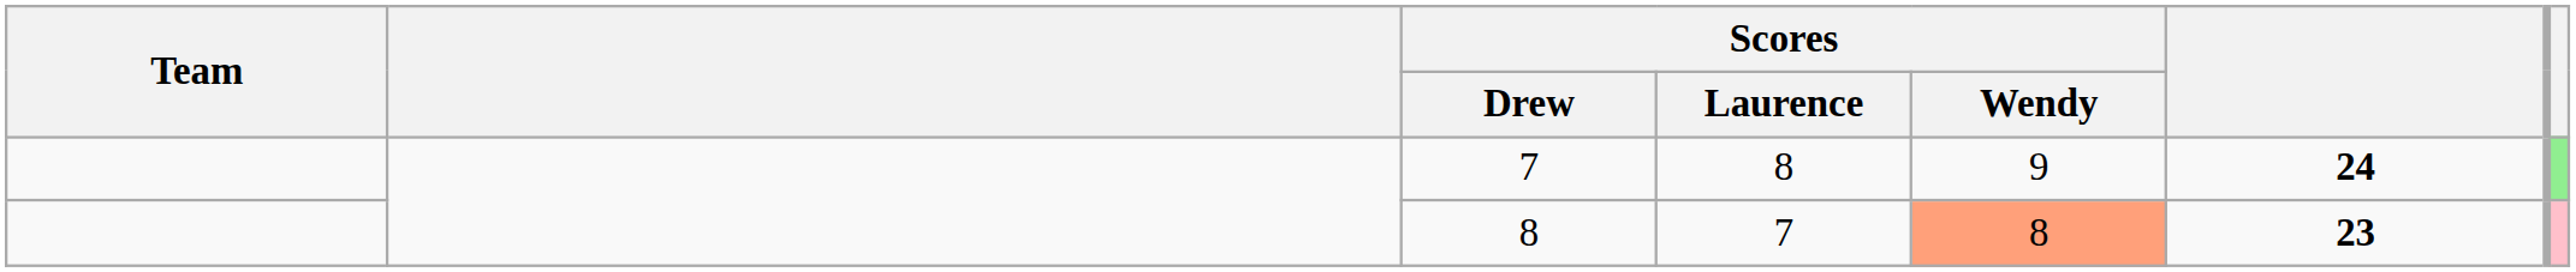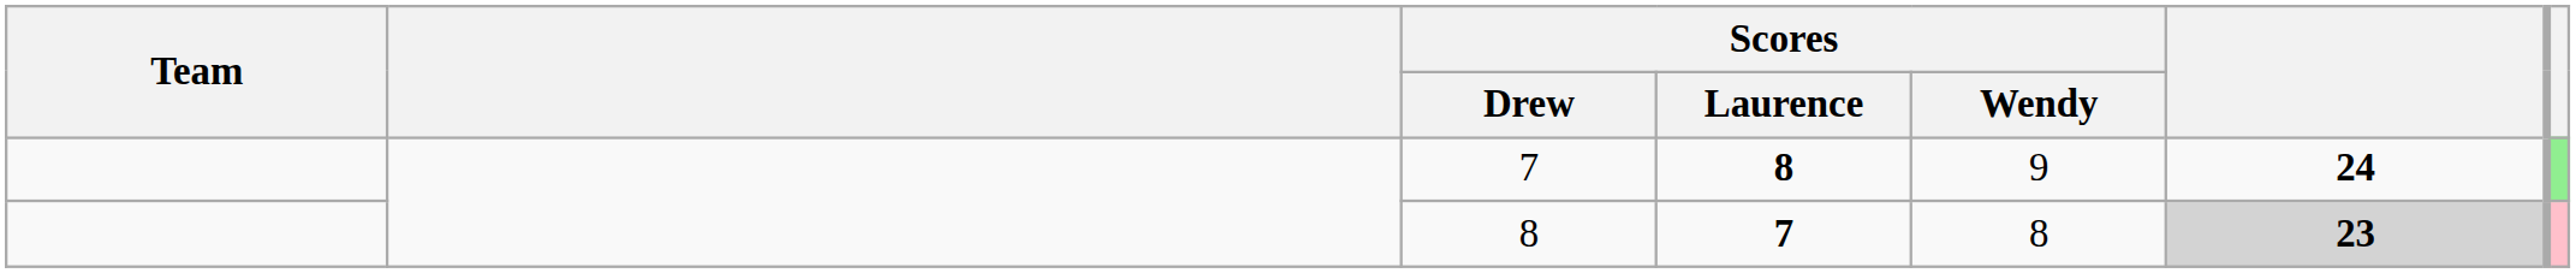 <table class="wikitable plainrowheaders" style="text-align:center; font-size:90%; width:65em;">
 <tr>
 <th rowspan="2">Team</th>
 <th rowspan="2" style="width:40%;"></th>
 <th colspan="3" style="width:30%;">Scores</th>
 <th rowspan="2" style="width:15%;"></th>
 <th rowspan="2" style="width:15%; border-left:3px solid #aaa;"></th>
 </tr>
 <tr>
 <th style="width:10%;">Drew</th>
 <th style="width:10%;">Laurence</th>
 <th style="width:10%;">Wendy</th>
 </tr>
 <tr>
 <td style="width:15%;"></td>
 <td rowspan="2"></td>
 <td>7</td>
-<td>8</td>
+<td><strong>8</strong></td>
 <td>9</td>
 <td><strong>24</strong></td>
 <td style="border-left:3px solid #aaa;" bgcolor="lightgreen"></td>
 </tr>
 <tr>
 <td style="width:15%;"></td>
 <td>8</td>
-<td>7</td>
-<td style="background: lightsalmon;">8</td>
-<td><strong>23</strong></td>
+<td><strong>7</strong></td>
+<td>8</td>
+<td style="background: lightgrey;"><strong>23</strong></td>
 <td style="border-left:3px solid #aaa;" bgcolor="pink"></td>
 </tr>
 </table>
